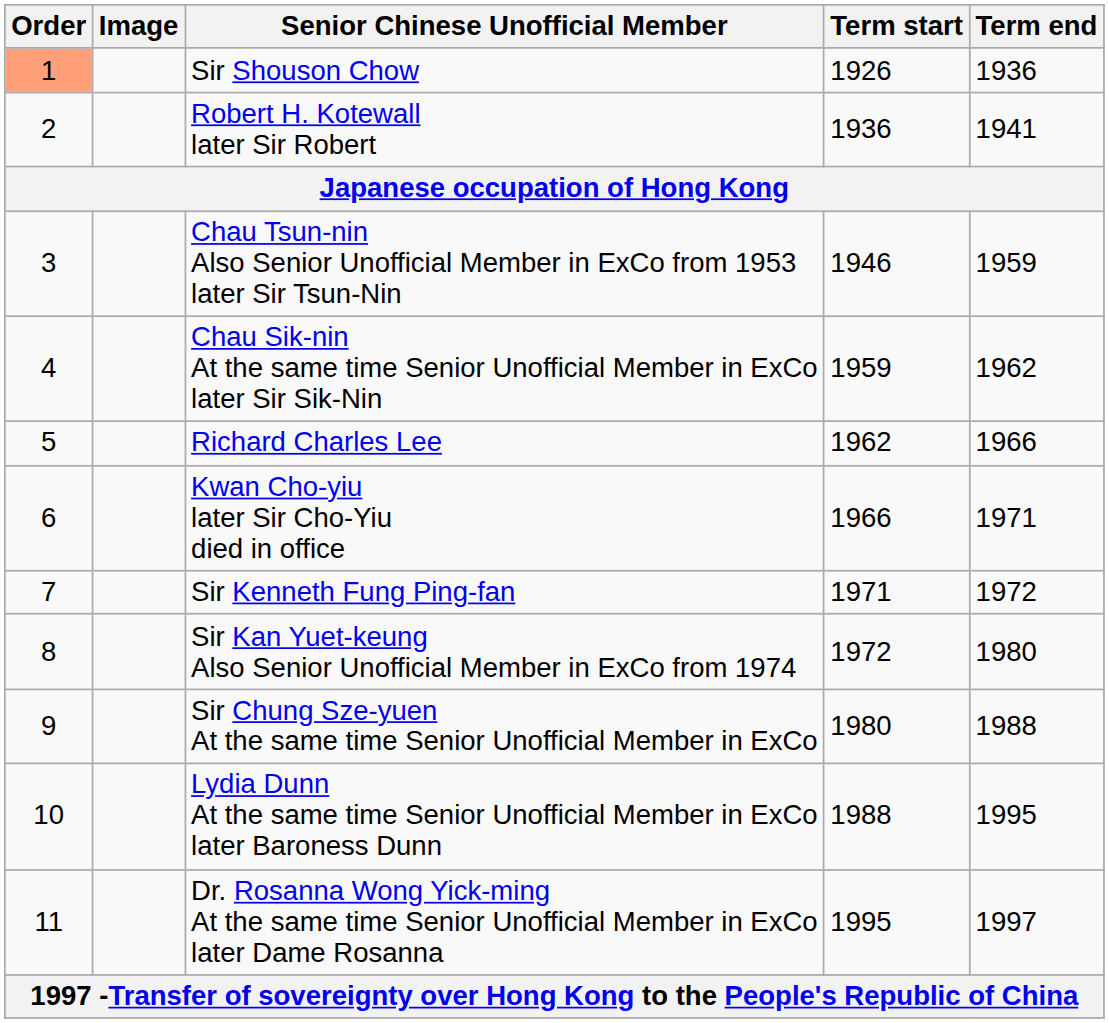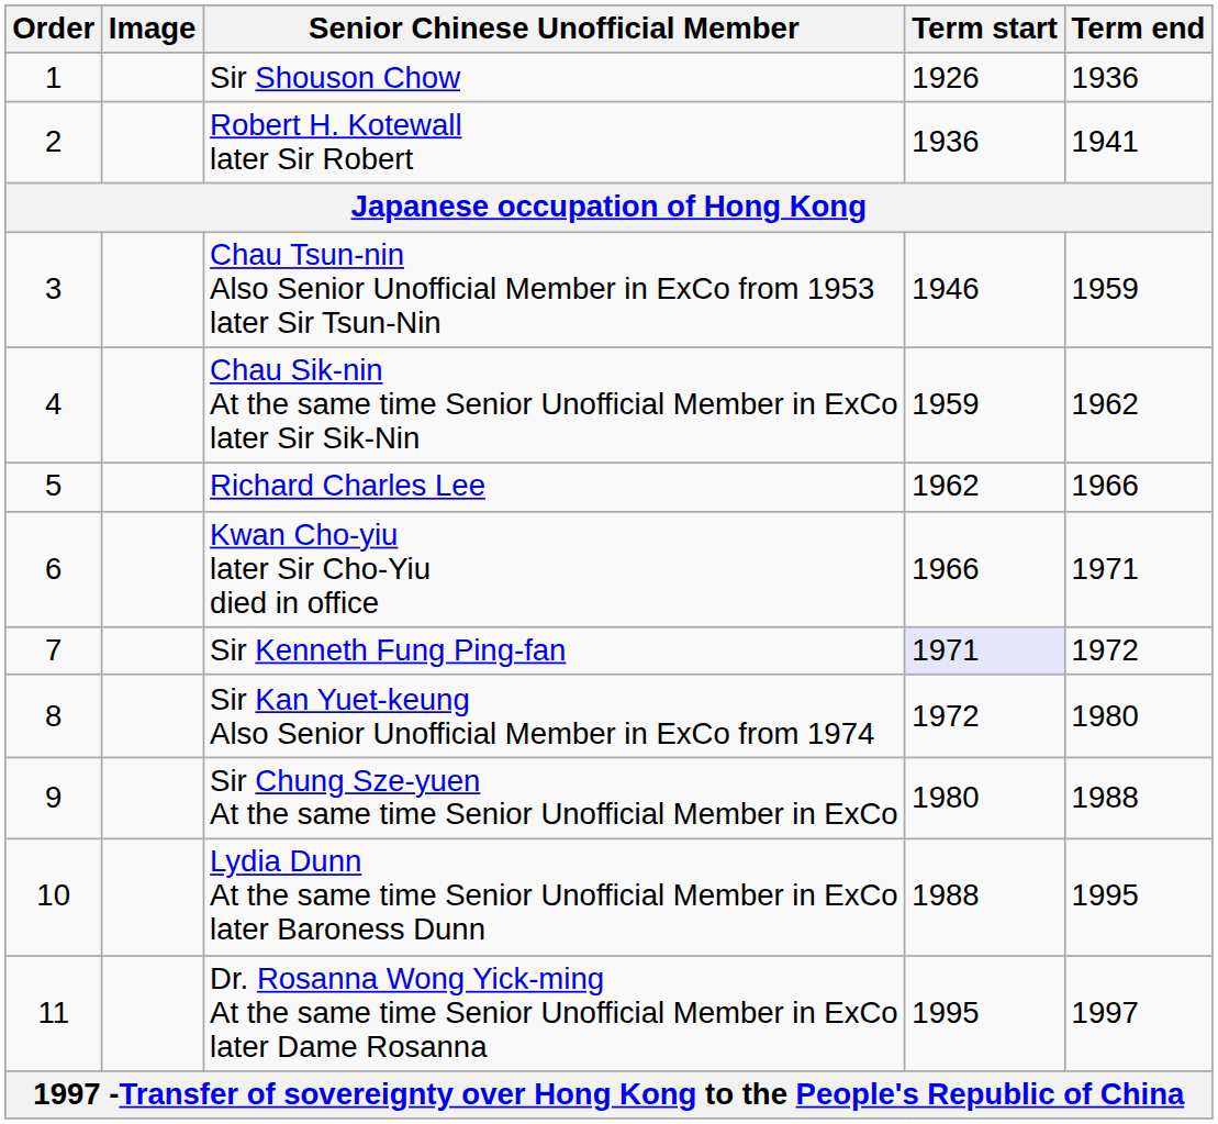 <table class="wikitable">
 <tr>
 <th>Order</th>
 <th>Image</th>
 <th>Senior Chinese Unofficial Member</th>
 <th>Term start</th>
 <th>Term end</th>
 </tr>
 <tr>
-<td align="center" style="background: lightsalmon;">1</td>
+<td align="center">1</td>
 <td align="center"></td>
 <td>Sir <a href='#'>Shouson Chow</a></td>
 <td>1926</td>
 <td>1936</td>
 </tr>
 <tr>
 <td align="center">2</td>
 <td align="center"></td>
 <td><a href='#'>Robert H. Kotewall</a><br>later Sir Robert</td>
 <td>1936</td>
 <td>1941</td>
 </tr>
 <tr>
 <th colspan=5><a href='#'>Japanese occupation of Hong Kong</a></th>
 </tr>
 <tr>
 <td align="center">3</td>
 <td align="center"></td>
 <td><a href='#'>Chau Tsun-nin</a><br>Also Senior Unofficial Member in ExCo from 1953<br>later Sir Tsun-Nin</td>
 <td>1946</td>
 <td>1959</td>
 </tr>
 <tr>
 <td align="center">4</td>
 <td align="center"></td>
 <td><a href='#'>Chau Sik-nin</a><br>At the same time Senior Unofficial Member in ExCo<br>later Sir Sik-Nin</td>
 <td>1959</td>
 <td>1962</td>
 </tr>
 <tr>
 <td align="center">5</td>
 <td align="center"></td>
 <td><a href='#'>Richard Charles Lee</a></td>
 <td>1962</td>
 <td>1966</td>
 </tr>
 <tr>
 <td align="center">6</td>
 <td align="center"></td>
 <td><a href='#'>Kwan Cho-yiu</a><br>later Sir Cho-Yiu<br>died in office</td>
 <td>1966</td>
 <td>1971</td>
 </tr>
 <tr>
 <td align="center">7</td>
 <td align="center"></td>
 <td>Sir <a href='#'>Kenneth Fung Ping-fan</a></td>
-<td>1971</td>
+<td style="background: lavender;">1971</td>
 <td>1972</td>
 </tr>
 <tr>
 <td align="center">8</td>
 <td align="center"></td>
 <td>Sir <a href='#'>Kan Yuet-keung</a><br>Also Senior Unofficial Member in ExCo from 1974</td>
 <td>1972</td>
 <td>1980</td>
 </tr>
 <tr>
 <td align="center">9</td>
 <td align="center"></td>
 <td>Sir <a href='#'>Chung Sze-yuen</a><br>At the same time Senior Unofficial Member in ExCo</td>
 <td>1980</td>
 <td>1988</td>
 </tr>
 <tr>
 <td align="center">10</td>
 <td align="center"></td>
 <td><a href='#'>Lydia Dunn</a><br>At the same time Senior Unofficial Member in ExCo<br>later Baroness Dunn</td>
 <td>1988</td>
 <td>1995</td>
 </tr>
 <tr>
 <td align="center">11</td>
 <td align="center"></td>
 <td>Dr. <a href='#'>Rosanna Wong Yick-ming</a><br>At the same time Senior Unofficial Member in ExCo<br>later Dame Rosanna</td>
 <td>1995</td>
 <td>1997</td>
 </tr>
 <tr>
 <th colspan=5>1997 -<a href='#'>Transfer of sovereignty over Hong Kong</a> to the <a href='#'>People's Republic of China</a></th>
 </tr>
 </table>
